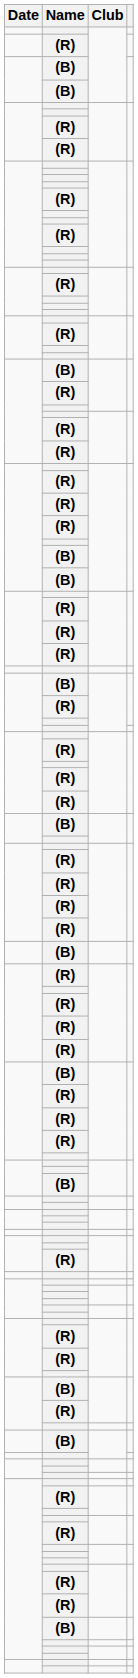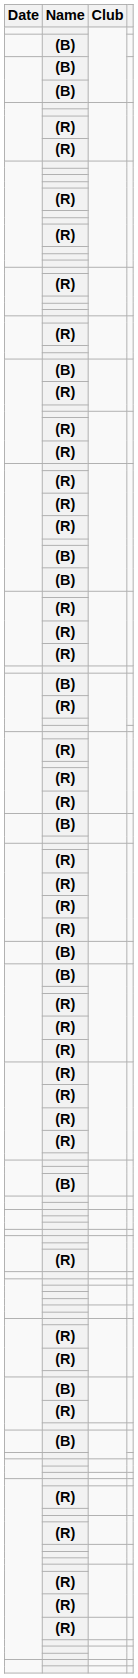 <table class="wikitable sortable plainrowheaders" style="text-align:center;">
 <tr>
 <th scope="col">Date</th>
 <th scope="col">Name</th>
 <th scope="col">Club</th>
 <th class="unsortable"></th>
 </tr>
 <tr>
 <td></td>
 <th scope="row"></th>
 <td rowspan=4></td>
 <td></td>
 </tr>
 <tr>
 <td></td>
-<th scope="row"> <span><strong>(R)</strong></span></th>
+<th scope="row"> <span><strong>(B)</strong></span></th>
 <td></td>
 </tr>
 <tr>
 <td rowspan=2></td>
 <th scope="row"> <span><strong>(B)</strong></span></th>
 <td rowspan=2></td>
 </tr>
 <tr>
 <th scope="row"> <span><strong>(B)</strong></span></th>
 </tr>
 <tr>
 <td rowspan=4></td>
 <th scope="row"></th>
 <td rowspan=4></td>
 <td rowspan=4></td>
 </tr>
 <tr>
 <th scope="row"></th>
 </tr>
 <tr>
 <th scope="row"> <span><strong>(R)</strong></span></th>
 </tr>
 <tr>
 <th scope="row"> <span><strong>(R)</strong></span></th>
 </tr>
 <tr>
 <td rowspan=11></td>
 <th scope="row"></th>
 <td rowspan=11></td>
 <td rowspan=11></td>
 </tr>
 <tr>
 <th scope="row"></th>
 </tr>
 <tr>
 <th scope="row"></th>
 </tr>
 <tr>
 <th scope="row"></th>
 </tr>
 <tr>
 <th scope="row"> <span><strong>(R)</strong></span></th>
 </tr>
 <tr>
 <th scope="row"></th>
 </tr>
 <tr>
 <th scope="row"></th>
 </tr>
 <tr>
 <th scope="row"> <span><strong>(R)</strong></span></th>
 </tr>
 <tr>
 <th scope="row"></th>
 </tr>
 <tr>
 <th scope="row"></th>
 </tr>
 <tr>
 <th scope="row"></th>
 </tr>
 <tr>
 <td rowspan=5></td>
 <th scope="row"></th>
 <td rowspan=5></td>
 <td rowspan=5></td>
 </tr>
 <tr>
 <th scope="row"> <span><strong>(R)</strong></span></th>
 </tr>
 <tr>
 <th scope="row"></th>
 </tr>
 <tr>
 <th scope="row"></th>
 </tr>
 <tr>
 <th scope="row"></th>
 </tr>
 <tr>
 <td rowspan=4></td>
 <th scope="row"></th>
 <td rowspan=4></td>
 <td rowspan=4></td>
 </tr>
 <tr>
 <th scope="row"> <span><strong>(R)</strong></span></th>
 </tr>
 <tr>
 <th scope="row"></th>
 </tr>
 <tr>
 <th scope="row"></th>
 </tr>
 <tr>
 <td rowspan=6></td>
 <th scope="row"> <span><strong>(B)</strong></span></th>
 <td rowspan=3></td>
 <td rowspan=3></td>
 </tr>
 <tr>
 <th scope="row"> <span><strong>(R)</strong></span></th>
 </tr>
 <tr>
 <th scope="row"></th>
 </tr>
 <tr>
 <th scope="row"></th>
 <td rowspan=3></td>
 <td rowspan=3></td>
 </tr>
 <tr>
 <th scope="row"> <span><strong>(R)</strong></span></th>
 </tr>
 <tr>
 <th scope="row"> <span><strong>(R)</strong></span></th>
 </tr>
 <tr>
 <td rowspan=7></td>
 <th scope="row"></th>
 <td rowspan=7></td>
 <td rowspan=7></td>
 </tr>
 <tr>
 <th scope="row"> <span><strong>(R)</strong></span></th>
 </tr>
 <tr>
 <th scope="row"> <span><strong>(R)</strong></span></th>
 </tr>
 <tr>
 <th scope="row"> <span><strong>(R)</strong></span></th>
 </tr>
 <tr>
 <th scope="row"></th>
 </tr>
 <tr>
 <th scope="row"><span><strong>(B)</strong></span></th>
 </tr>
 <tr>
 <th scope="row"> <span><strong>(B)</strong></span></th>
 </tr>
 <tr>
 <td rowspan=4></td>
 <th scope="row"></th>
 <td rowspan=4></td>
 <td rowspan=4></td>
 </tr>
 <tr>
 <th scope="row"> <span><strong>(R)</strong></span></th>
 </tr>
 <tr>
 <th scope="row"> <span><strong>(R)</strong></span></th>
 </tr>
 <tr>
 <th scope="row"> <span><strong>(R)</strong></span></th>
 </tr>
 <tr>
 <td></td>
 <th scope="row"></th>
 <td></td>
 <td></td>
 </tr>
 <tr>
 <td rowspan=4></td>
 <th scope="row"> <span><strong>(B)</strong></span></th>
 <td rowspan=4></td>
 <td rowspan=3></td>
 </tr>
 <tr>
 <th scope="row"> <span><strong>(R)</strong></span></th>
 </tr>
 <tr>
 <th scope="row"></th>
 </tr>
 <tr>
 <th scope="row"></th>
 <td></td>
 </tr>
 <tr>
 <td rowspan=5></td>
 <th scope="row"></th>
 <td rowspan=5></td>
 <td rowspan=5></td>
 </tr>
 <tr>
 <th scope="row"> <span><strong>(R)</strong></span></th>
 </tr>
 <tr>
 <th scope="row"></th>
 </tr>
 <tr>
 <th scope="row"> <span><strong>(R)</strong></span></th>
 </tr>
 <tr>
 <th scope="row"> <span><strong>(R)</strong></span></th>
 </tr>
 <tr>
 <td rowspan=2></td>
 <th scope="row"> <span><strong>(B)</strong></span></th>
 <td rowspan=2></td>
 <td rowspan=2></td>
 </tr>
 <tr>
 <th scope="row"></th>
 </tr>
 <tr>
 <td rowspan=5></td>
 <th scope="row"></th>
 <td rowspan=5></td>
 <td rowspan=5></td>
 </tr>
 <tr>
 <th scope="row"> <span><strong>(R)</strong></span></th>
 </tr>
 <tr>
 <th scope="row"> <span><strong>(R)</strong></span></th>
 </tr>
 <tr>
 <th scope="row"> <span><strong>(R)</strong></span></th>
 </tr>
 <tr>
 <th scope="row"> <span><strong>(R)</strong></span></th>
 </tr>
 <tr>
 <td></td>
 <th scope="row"> <span><strong>(B)</strong></span></th>
 <td></td>
 <td></td>
 </tr>
 <tr>
 <td rowspan=5></td>
-<th scope="row"> <span><strong>(R)</strong></span></th>
+<th scope="row"> <span><strong>(B)</strong></span></th>
 <td rowspan=5></td>
 <td rowspan=5></td>
 </tr>
 <tr>
 <th scope="row"></th>
 </tr>
 <tr>
 <th scope="row"> <span><strong>(R)</strong></span></th>
 </tr>
 <tr>
 <th scope="row"> <span><strong>(R)</strong></span></th>
 </tr>
 <tr>
 <th scope="row"> <span><strong>(R)</strong></span></th>
 </tr>
 <tr>
 <td rowspan=5></td>
-<th scope="row"> <span><strong>(B)</strong></span></th>
+<th scope="row"> <span><strong>(R)</strong></span></th>
 <td rowspan=5></td>
 <td rowspan=5></td>
 </tr>
 <tr>
 <th scope="row"> <span><strong>(R)</strong></span></th>
 </tr>
 <tr>
 <th scope="row"> <span><strong>(R)</strong></span></th>
 </tr>
 <tr>
 <th scope="row"> <span><strong>(R)</strong></span></th>
 </tr>
 <tr>
 <th scope="row"></th>
 </tr>
 <tr>
 <td rowspan=3></td>
 <th scope="row"></th>
 <td rowspan=3></td>
 <td rowspan=3></td>
 </tr>
 <tr>
 <th scope="row"></th>
 </tr>
 <tr>
 <th scope="row"> <span><strong>(B)</strong></span></th>
 </tr>
 <tr>
 <td rowspan=2></td>
 <th scope="row"></th>
 <td rowspan=2></td>
 <td rowspan=2></td>
 </tr>
 <tr>
 <th scope="row"></th>
 </tr>
 <tr>
 <td rowspan=3></td>
 <th scope="row"></th>
 <td rowspan=3></td>
 <td rowspan=3></td>
 </tr>
 <tr>
 <th scope="row"></th>
 </tr>
 <tr>
 <th scope="row"></th>
 </tr>
 <tr>
 <td></td>
 <th scope="row"></th>
 <td></td>
 <td></td>
 </tr>
 <tr>
 <td rowspan=3></td>
 <th scope="row"></th>
 <td rowspan=3></td>
 <td rowspan=3></td>
 </tr>
 <tr>
 <th scope="row"></th>
 </tr>
 <tr>
 <th scope="row"> <span><strong>(R)</strong></span></th>
 </tr>
 <tr>
 <td></td>
 <th scope="row"></th>
 <td></td>
 <td></td>
 </tr>
 <tr>
 <td rowspan=6></td>
 <th scope="row"></th>
 <td></td>
 <td></td>
 </tr>
 <tr>
 <th scope="row"></th>
 <td rowspan=3></td>
 <td rowspan=3></td>
 </tr>
 <tr>
 <th scope="row"></th>
 </tr>
 <tr>
 <th scope="row"></th>
 </tr>
 <tr>
 <th scope="row"></th>
 <td rowspan=2></td>
 <td rowspan=2></td>
 </tr>
 <tr>
 <th scope="row"></th>
 </tr>
 <tr>
 <td rowspan=4></td>
 <th scope="row"></th>
 <td rowspan=4></td>
 <td rowspan=4></td>
 </tr>
 <tr>
 <th scope="row"> <span><strong>(R)</strong></span></th>
 </tr>
 <tr>
 <th scope="row"> <span><strong>(R)</strong></span></th>
 </tr>
 <tr>
 <th scope="row"></th>
 </tr>
 <tr>
 <td rowspan=3></td>
 <th scope="row"> <span><strong>(B)</strong></span></th>
 <td rowspan=2></td>
 <td rowspan=2></td>
 </tr>
 <tr>
 <th scope="row"> <span><strong>(R)</strong></span></th>
 </tr>
 <tr>
 <th scope="row"></th>
 <td></td>
 <td></td>
 </tr>
 <tr>
 <td></td>
 <th scope="row"> <span><strong>(B)</strong></span></th>
 <td rowspan=2></td>
 <td></td>
 </tr>
 <tr>
 <td></td>
 <th scope="row"></th>
 <td></td>
 </tr>
 <tr>
 <td rowspan=3></td>
 <th scope="row"></th>
 <td rowspan=2></td>
 <td rowspan=2></td>
 </tr>
 <tr>
 <th scope="row"></th>
 </tr>
 <tr>
 <th scope="row"></th>
 <td></td>
 <td></td>
 </tr>
 <tr>
 <td rowspan=15></td>
 <th scope="row"></th>
 <td></td>
 <td></td>
 </tr>
 <tr>
 <th scope="row"> <span><strong>(R)</strong></span></th>
 <td rowspan=2></td>
 <td rowspan=2></td>
 </tr>
 <tr>
 <th scope="row"></th>
 </tr>
 <tr>
 <th scope="row"></th>
 <td rowspan=2></td>
 <td rowspan=2></td>
 </tr>
 <tr>
 <th scope="row"> <span><strong>(R)</strong></span></th>
 </tr>
 <tr>
 <th scope="row"></th>
 <td rowspan=3></td>
 <td rowspan=3></td>
 </tr>
 <tr>
 <th scope="row"></th>
 </tr>
 <tr>
 <th scope="row"></th>
 </tr>
 <tr>
 <th scope="row"></th>
 <td rowspan=3></td>
 <td rowspan=3></td>
 </tr>
 <tr>
 <th scope="row"> <span><strong>(R)</strong></span></th>
 </tr>
 <tr>
 <th scope="row"> <span><strong>(R)</strong></span></th>
 </tr>
 <tr>
-<th scope="row"> <span><strong>(B)</strong></span></th>
+<th scope="row"> <span><strong>(R)</strong></span></th>
 <td></td>
 <td></td>
 </tr>
 <tr>
 <th scope="row"></th>
 <td></td>
 <td></td>
 </tr>
 <tr>
 <th scope="row"></th>
 <td rowspan=2></td>
 <td rowspan=2></td>
 </tr>
 <tr>
 <th scope="row"></th>
 </tr>
 <tr>
 <td rowspan=2></td>
 <th scope="row"></th>
 <td></td>
 <td></td>
 </tr>
 <tr>
 <th scope="row"></th>
 <td></td>
 <td></td>
 </tr>
 </table>
